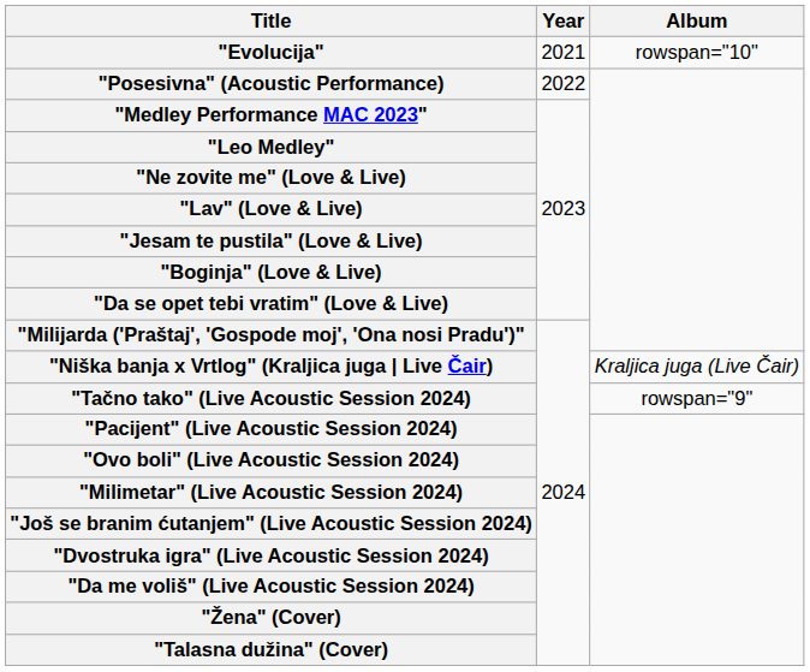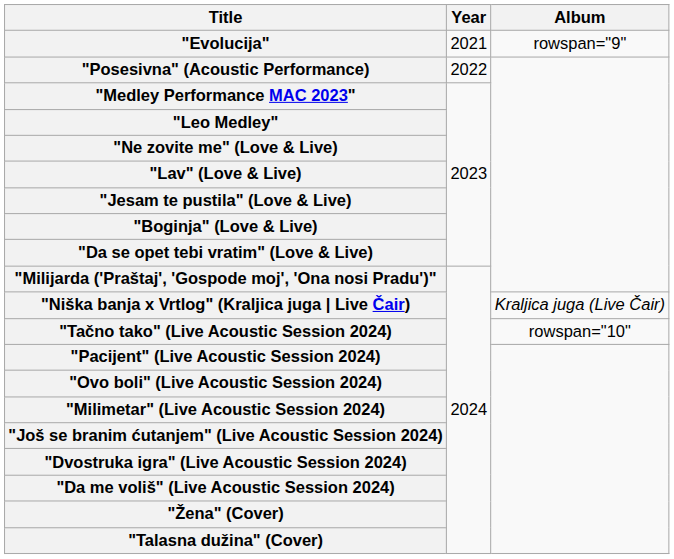 <table class="wikitable plainrowheaders" style="text-align:center;">
 <tr>
 <th>Title</th>
 <th>Year</th>
 <th>Album</th>
 </tr>
 <tr>
 <th scope="row">"Evolucija"<br></th>
 <td rowspan="1">2021</td>
-<td>rowspan="10" </td>
+<td>rowspan="9" </td>
 </tr>
 <tr>
 <th scope="row">"Posesivna" (Acoustic Performance)</th>
 <td rowspan="1">2022</td>
 </tr>
 <tr>
 <th scope="row">"Medley Performance <a href='#'>MAC 2023</a>"</th>
 <td rowspan="7">2023</td>
 </tr>
 <tr>
 <th scope="row">"Leo Medley"</th>
 </tr>
 <tr>
 <th scope="row">"Ne zovite me" (Love & Live)</th>
 </tr>
 <tr>
 <th scope="row">"Lav" (Love & Live)</th>
 </tr>
 <tr>
 <th scope="row">"Jesam te pustila" (Love & Live)</th>
 </tr>
 <tr>
 <th scope="row">"Boginja" (Love & Live)</th>
 </tr>
 <tr>
 <th scope="row">"Da se opet tebi vratim" (Love & Live)</th>
 </tr>
 <tr>
 <th scope="row">"Milijarda ('Praštaj', 'Gospode moj', 'Ona nosi Pradu')"</th>
 <td rowspan="11">2024</td>
 </tr>
 <tr>
 <th scope="row">"Niška banja x Vrtlog" (Kraljica juga | Live <a href='#'>Čair</a>)<br></th>
 <td><em>Kraljica juga (Live Čair)</em></td>
 </tr>
 <tr>
 <th scope="row">"Tačno tako" (Live Acoustic Session 2024)</th>
-<td>rowspan="9" </td>
+<td>rowspan="10" </td>
 </tr>
 <tr>
 <th scope="row">"Pacijent" (Live Acoustic Session 2024)</th>
 </tr>
 <tr>
 <th scope="row">"Ovo boli" (Live Acoustic Session 2024)</th>
 </tr>
 <tr>
 <th scope="row">"Milimetar" (Live Acoustic Session 2024)</th>
 </tr>
 <tr>
 <th scope="row">"Još se branim ćutanjem" (Live Acoustic Session 2024)</th>
 </tr>
 <tr>
 <th scope="row">"Dvostruka igra" (Live Acoustic Session 2024)</th>
 </tr>
 <tr>
 <th scope="row">"Da me voliš" (Live Acoustic Session 2024)</th>
 </tr>
 <tr>
 <th scope="row">"Žena" (Cover)<br></th>
 </tr>
 <tr>
 <th scope="row">"Talasna dužina" (Cover)</th>
 </tr>
 </table>
